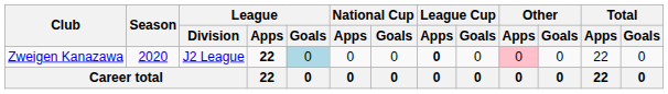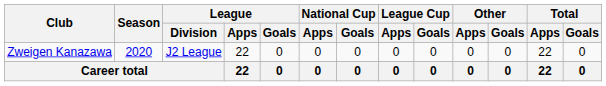 <table class="wikitable" style="text-align: center">
 <tr>
 <th rowspan="2">Club</th>
 <th rowspan="2">Season</th>
 <th colspan="3">League</th>
 <th colspan="2">National Cup</th>
 <th colspan="2">League Cup</th>
 <th colspan="2">Other</th>
 <th colspan="2">Total</th>
 </tr>
 <tr>
 <th>Division</th>
 <th>Apps</th>
 <th>Goals</th>
 <th>Apps</th>
 <th>Goals</th>
 <th>Apps</th>
 <th>Goals</th>
 <th>Apps</th>
 <th>Goals</th>
 <th>Apps</th>
 <th>Goals</th>
 </tr>
 <tr>
 <td><a href='#'>Zweigen Kanazawa</a></td>
 <td><a href='#'>2020</a></td>
 <td><a href='#'>J2 League</a></td>
-<td><strong>22</strong></td>
-<td style="background: lightblue;">0</td>
+<td>22</td>
 <td>0</td>
 <td>0</td>
-<td><strong>0</strong></td>
 <td>0</td>
-<td style="background: pink;">0</td>
+<td>0</td>
+<td>0</td>
+<td>0</td>
 <td>0</td>
 <td>22</td>
 <td>0</td>
 </tr>
 <tr>
 <th colspan=3>Career total</th>
 <th>22</th>
 <th>0</th>
 <th>0</th>
 <th>0</th>
 <th>0</th>
 <th>0</th>
 <th>0</th>
 <th>0</th>
 <th>22</th>
 <th>0</th>
 </tr>
 </table>
